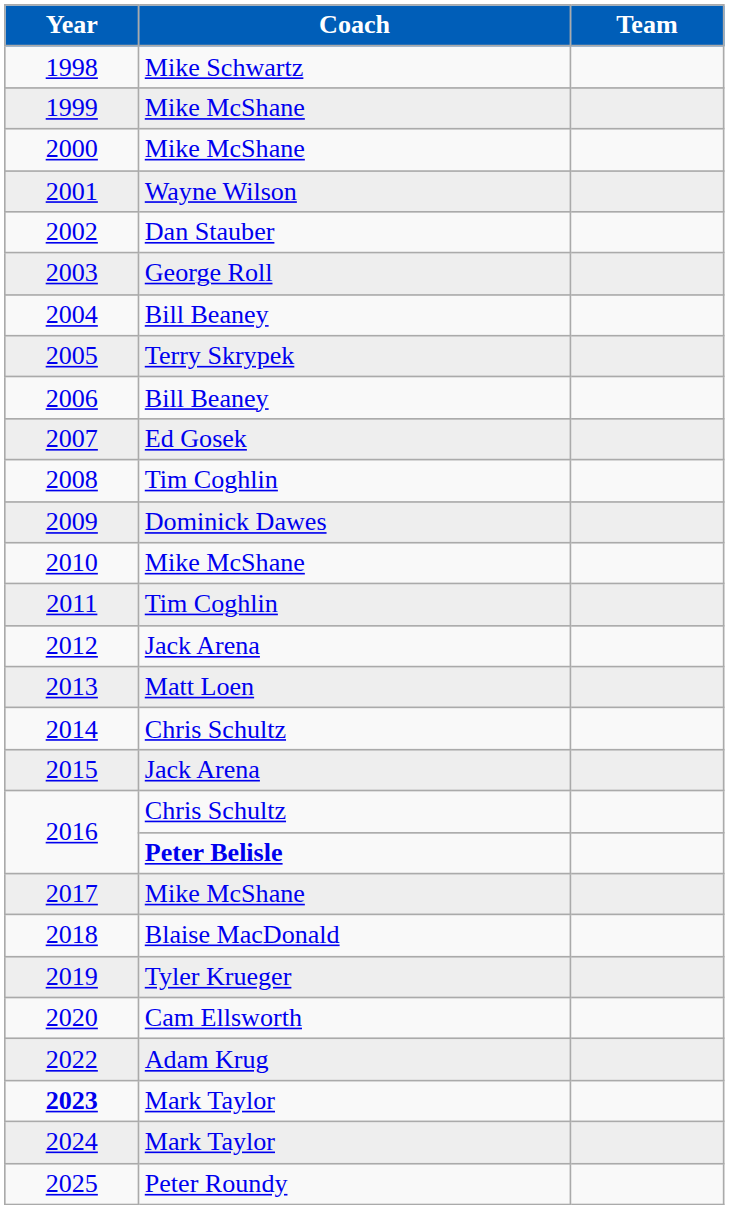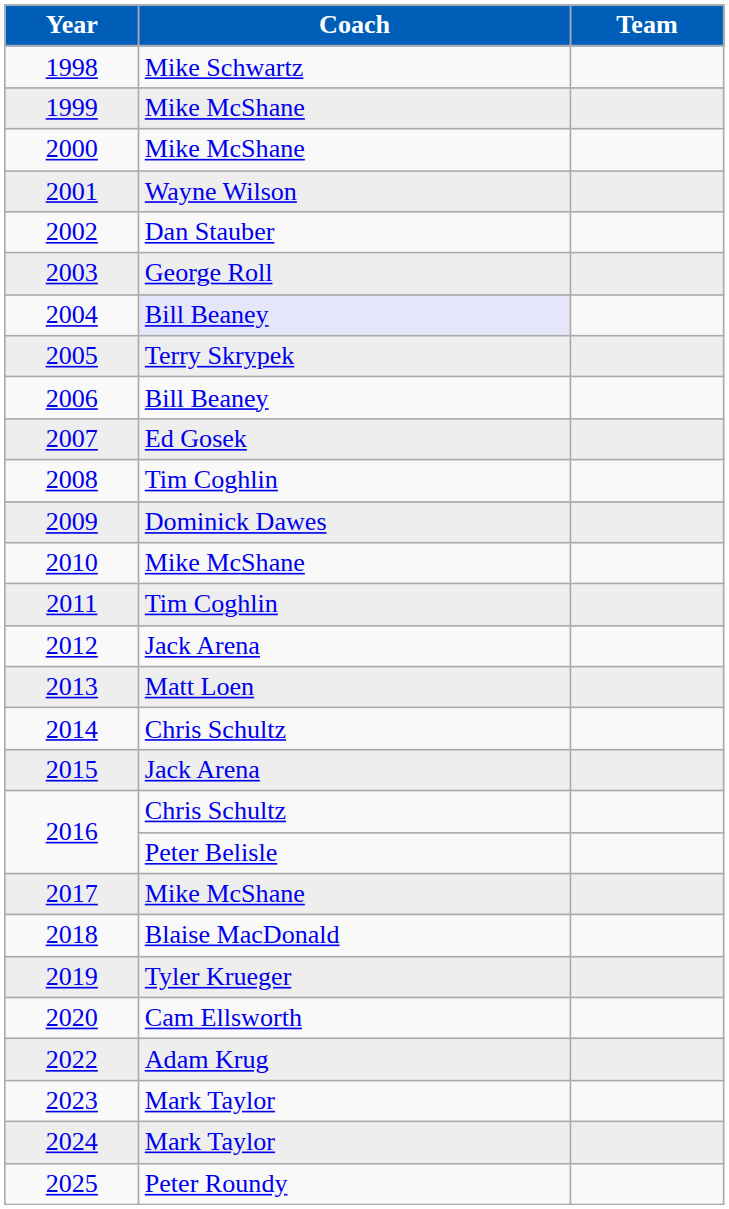 <table class="wikitable sortable" width=50%>
 <tr>
 <th style="color:white; background:#005EB8;">Year</th>
 <th style="color:white; background:#005EB8;">Coach</th>
 <th style="color:white; background:#005EB8;">Team</th>
 </tr>
 <tr>
 <td align="center"><a href='#'>1998</a></td>
 <td><a href='#'>Mike Schwartz</a></td>
 <td><strong><a href='#'></a></strong></td>
 </tr>
 <tr bgcolor=eeeeee>
 <td align="center"><a href='#'>1999</a></td>
 <td><a href='#'>Mike McShane</a></td>
 <td><strong><a href='#'></a></strong></td>
 </tr>
 <tr>
 <td align="center"><a href='#'>2000</a></td>
 <td><a href='#'>Mike McShane</a></td>
 <td><strong><a href='#'></a></strong></td>
 </tr>
 <tr bgcolor=eeeeee>
 <td align="center"><a href='#'>2001</a></td>
 <td><a href='#'>Wayne Wilson</a></td>
 <td><strong><a href='#'></a></strong></td>
 </tr>
 <tr>
 <td align="center"><a href='#'>2002</a></td>
 <td><a href='#'>Dan Stauber</a></td>
 <td><strong><a href='#'></a></strong></td>
 </tr>
 <tr bgcolor=eeeeee>
 <td align="center"><a href='#'>2003</a></td>
 <td><a href='#'>George Roll</a></td>
 <td><strong><a href='#'></a></strong></td>
 </tr>
 <tr>
 <td align="center"><a href='#'>2004</a></td>
-<td><a href='#'>Bill Beaney</a></td>
+<td style="background: lavender;"><a href='#'>Bill Beaney</a></td>
 <td><strong><a href='#'></a></strong></td>
 </tr>
 <tr bgcolor=eeeeee>
 <td align="center"><a href='#'>2005</a></td>
 <td><a href='#'>Terry Skrypek</a></td>
 <td><strong><a href='#'></a></strong></td>
 </tr>
 <tr>
 <td align="center"><a href='#'>2006</a></td>
 <td><a href='#'>Bill Beaney</a></td>
 <td><strong><a href='#'></a></strong></td>
 </tr>
 <tr bgcolor=eeeeee>
 <td align="center"><a href='#'>2007</a></td>
 <td><a href='#'>Ed Gosek</a></td>
 <td><strong><a href='#'></a></strong></td>
 </tr>
 <tr>
 <td align="center"><a href='#'>2008</a></td>
 <td><a href='#'>Tim Coghlin</a></td>
 <td><strong><a href='#'></a></strong></td>
 </tr>
 <tr bgcolor=eeeeee>
 <td align="center"><a href='#'>2009</a></td>
 <td><a href='#'>Dominick Dawes</a></td>
 <td><strong><a href='#'></a></strong></td>
 </tr>
 <tr>
 <td align="center"><a href='#'>2010</a></td>
 <td><a href='#'>Mike McShane</a></td>
 <td><strong><a href='#'></a></strong></td>
 </tr>
 <tr bgcolor=eeeeee>
 <td align="center"><a href='#'>2011</a></td>
 <td><a href='#'>Tim Coghlin</a></td>
 <td><strong><a href='#'></a></strong></td>
 </tr>
 <tr>
 <td align="center"><a href='#'>2012</a></td>
 <td><a href='#'>Jack Arena</a></td>
 <td><strong><a href='#'></a></strong></td>
 </tr>
 <tr bgcolor=eeeeee>
 <td align="center"><a href='#'>2013</a></td>
 <td><a href='#'>Matt Loen</a></td>
 <td><strong><a href='#'></a></strong></td>
 </tr>
 <tr>
 <td align="center"><a href='#'>2014</a></td>
 <td><a href='#'>Chris Schultz</a></td>
 <td><strong><a href='#'></a></strong></td>
 </tr>
 <tr bgcolor=eeeeee>
 <td align="center"><a href='#'>2015</a></td>
 <td><a href='#'>Jack Arena</a></td>
 <td><strong><a href='#'></a></strong></td>
 </tr>
 <tr>
 <td align="center" rowspan = 2><a href='#'>2016</a></td>
 <td><a href='#'>Chris Schultz</a></td>
 <td><strong><a href='#'></a></strong></td>
 </tr>
 <tr>
-<td><strong><a href='#'>Peter Belisle</a></strong></td>
+<td><a href='#'>Peter Belisle</a></td>
 <td><strong><a href='#'></a></strong></td>
 </tr>
 <tr bgcolor=eeeeee>
 <td align="center"><a href='#'>2017</a></td>
 <td><a href='#'>Mike McShane</a></td>
 <td><strong><a href='#'></a></strong></td>
 </tr>
 <tr>
 <td align="center"><a href='#'>2018</a></td>
 <td><a href='#'>Blaise MacDonald</a></td>
 <td><strong><a href='#'></a></strong></td>
 </tr>
 <tr bgcolor=eeeeee>
 <td align="center"><a href='#'>2019</a></td>
 <td><a href='#'>Tyler Krueger</a></td>
 <td><strong><a href='#'></a></strong></td>
 </tr>
 <tr>
 <td align="center"><a href='#'>2020</a></td>
 <td><a href='#'>Cam Ellsworth</a></td>
 <td><strong><a href='#'></a></strong></td>
 </tr>
 <tr bgcolor=eeeeee>
 <td align="center"><a href='#'>2022</a></td>
 <td><a href='#'>Adam Krug</a></td>
 <td><strong><a href='#'></a></strong></td>
 </tr>
 <tr>
-<td align="center"><strong><a href='#'>2023</a></strong></td>
+<td align="center"><a href='#'>2023</a></td>
 <td><a href='#'>Mark Taylor</a></td>
 <td><strong><a href='#'></a></strong></td>
 </tr>
 <tr bgcolor=eeeeee>
 <td align="center"><a href='#'>2024</a></td>
 <td><a href='#'>Mark Taylor</a></td>
 <td><strong><a href='#'></a></strong></td>
 </tr>
 <tr>
 <td align="center"><a href='#'>2025</a></td>
 <td><a href='#'>Peter Roundy</a></td>
 <td><strong><a href='#'></a></strong></td>
 </tr>
 </table>
